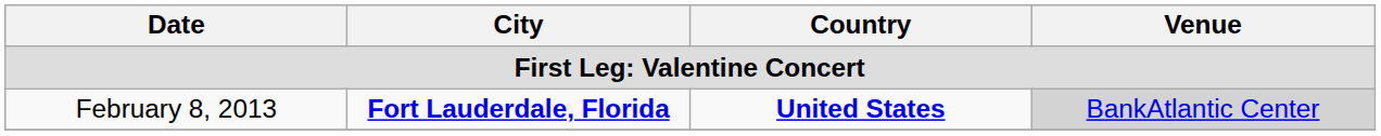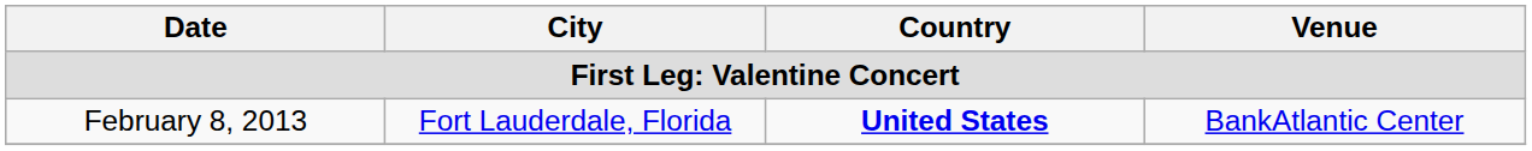 <table class="wikitable">
 <tr>
 <th width="200" rowspan="1">Date</th>
 <th width="200" rowspan="1">City</th>
 <th width="200" rowspan="1">Country</th>
 <th width="200" rowspan="1">Venue</th>
 </tr>
 <tr bgcolor="#DDDDDD">
 <td colspan=7 align=center><strong>First Leg: Valentine Concert</strong></td>
 </tr>
 <tr>
 <td align="center">February 8, 2013</td>
-<td align="center"><strong><a href='#'>Fort Lauderdale, Florida</a></strong></td>
+<td align="center"><a href='#'>Fort Lauderdale, Florida</a></td>
 <td align="center"><strong><a href='#'>United States</a></strong></td>
-<td align="center" style="background: lightgrey;"><a href='#'>BankAtlantic Center</a></td>
+<td align="center"><a href='#'>BankAtlantic Center</a></td>
 </tr>
 <tr>
 </tr>
 </table>
